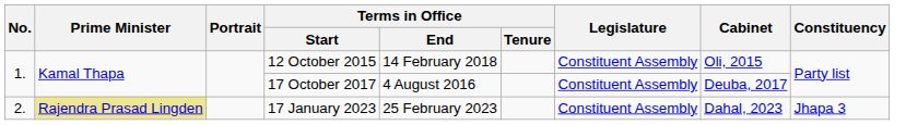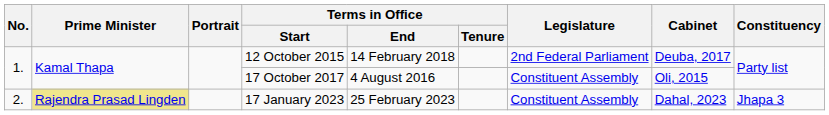 <table class="wikitable">
 <tr>
 <th rowspan="2" style="background-color:">No.</th>
 <th rowspan="2" style="background-color:">Prime Minister</th>
 <th rowspan="2" style="background-color:">Portrait</th>
 <th colspan="3" style="background-color:">Terms in Office</th>
 <th rowspan="2" style="background-color:">Legislature</th>
 <th rowspan="2" style="background-color:">Cabinet</th>
 <th rowspan="2" style="background-color:">Constituency</th>
 </tr>
 <tr>
 <th style="background-color:">Start</th>
 <th style="background-color:">End</th>
 <th style="background-color:">Tenure</th>
 </tr>
 <tr>
 <td rowspan="2" style="text-align: center;">1.</td>
 <td rowspan="2"><a href='#'>Kamal Thapa</a></td>
 <td rowspan="2"></td>
 <td>12 October 2015</td>
 <td>14 February 2018</td>
 <td></td>
-<td><a href='#'>Constituent Assembly</a></td>
-<td><a href='#'>Oli, 2015</a></td>
+<td><a href='#'>2nd Federal Parliament</a></td>
+<td><a href='#'>Deuba, 2017</a></td>
 <td rowspan="2"><a href='#'>Party list</a></td>
 </tr>
 <tr>
 <td>17 October 2017</td>
 <td>4 August 2016</td>
 <td></td>
 <td><a href='#'>Constituent Assembly</a></td>
-<td><a href='#'>Deuba, 2017</a></td>
+<td><a href='#'>Oli, 2015</a></td>
 </tr>
 <tr>
 <td style="text-align: center;">2.</td>
 <td style="background: khaki;"><a href='#'>Rajendra Prasad Lingden</a></td>
 <td></td>
 <td>17 January 2023</td>
 <td>25 February 2023</td>
 <td></td>
 <td><a href='#'>Constituent Assembly</a></td>
 <td><a href='#'>Dahal, 2023</a></td>
 <td><a href='#'>Jhapa 3</a></td>
 </tr>
 </table>
